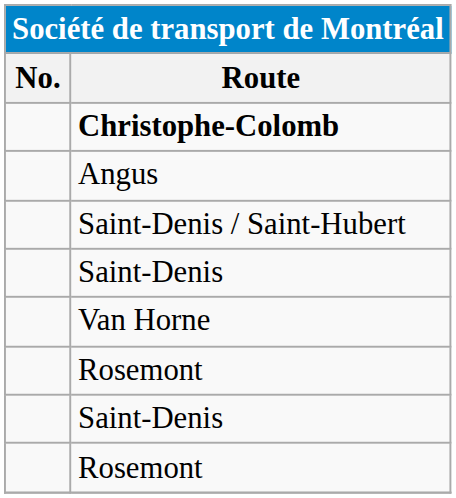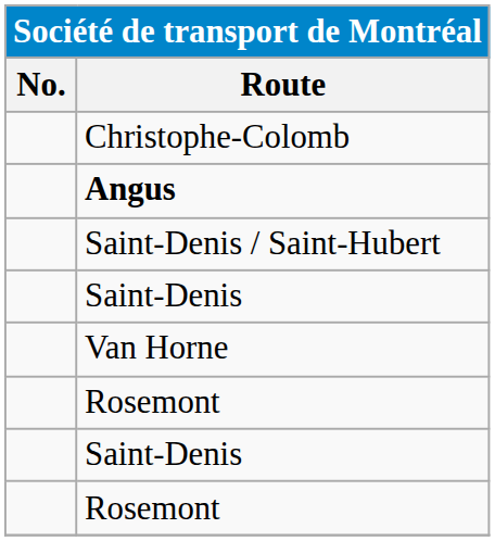 <table align=center class="wikitable">
 <tr>
 <th style="background: #0085CA; font-size:100%; color:#FFFFFF;"colspan="4">Société de transport de Montréal</th>
 </tr>
 <tr>
 <th>No.</th>
 <th>Route</th>
 </tr>
 <tr>
 <td></td>
-<td><strong>Christophe-Colomb</strong></td>
+<td>Christophe-Colomb</td>
 </tr>
 <tr>
 <td></td>
-<td>Angus</td>
+<td><strong>Angus</strong></td>
 </tr>
 <tr>
 <td></td>
 <td>Saint-Denis / Saint-Hubert</td>
 </tr>
 <tr>
 <td></td>
 <td>Saint-Denis</td>
 </tr>
 <tr>
 <td {{Avoid wrap> </td>
 <td>Van Horne</td>
 </tr>
 <tr>
 <td {{Avoid wrap> </td>
 <td>Rosemont</td>
 </tr>
 <tr>
 <td {{Avoid wrap> </td>
 <td>Saint-Denis</td>
 </tr>
 <tr>
 <td {{Avoid wrap> </td>
 <td>Rosemont</td>
 </tr>
 <tr>
 </tr>
 </table>
